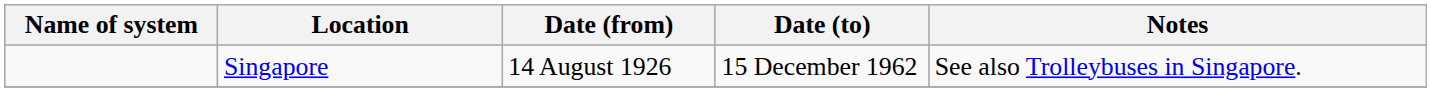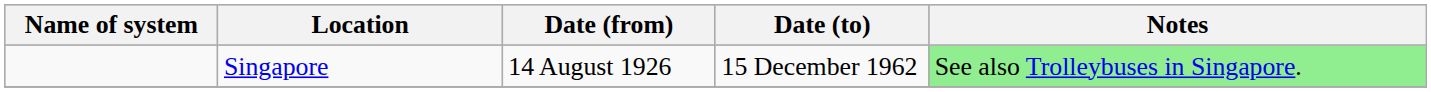 <table class="wikitable" width=100%>
 <tr>
 <th width=15%>Name of system</th>
 <th width=20%>Location</th>
 <th width=15%>Date (from)</th>
 <th width=15%>Date (to)</th>
 <th width=35%>Notes</th>
 </tr>
 <tr>
 <td> </td>
 <td><a href='#'>Singapore</a></td>
 <td>14 August 1926</td>
 <td>15 December 1962</td>
-<td>See also <a href='#'>Trolleybuses in Singapore</a>.</td>
+<td style="background: lightgreen;">See also <a href='#'>Trolleybuses in Singapore</a>.</td>
 </tr>
 <tr>
 </tr>
 </table>
